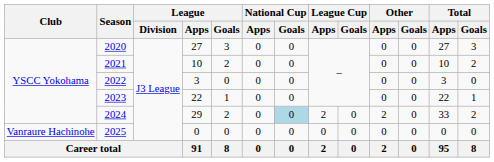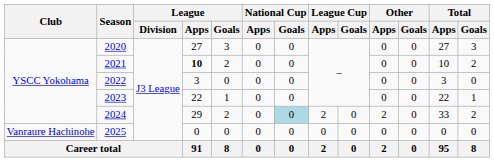 <table class="wikitable" style="text-align: center">
 <tr>
 <th rowspan="2">Club</th>
 <th rowspan="2">Season</th>
 <th colspan="3">League</th>
 <th colspan="2">National Cup</th>
 <th colspan="2">League Cup</th>
 <th colspan="2">Other</th>
 <th colspan="2">Total</th>
 </tr>
 <tr>
 <th>Division</th>
 <th>Apps</th>
 <th>Goals</th>
 <th>Apps</th>
 <th>Goals</th>
 <th>Apps</th>
 <th>Goals</th>
 <th>Apps</th>
 <th>Goals</th>
 <th>Apps</th>
 <th>Goals</th>
 </tr>
 <tr>
 <td rowspan="5"><a href='#'>YSCC Yokohama</a></td>
 <td><a href='#'>2020</a></td>
 <td rowspan="6"><a href='#'>J3 League</a></td>
 <td>27</td>
 <td>3</td>
 <td>0</td>
 <td>0</td>
 <td rowspan="4" colspan="2">–</td>
 <td>0</td>
 <td>0</td>
 <td>27</td>
 <td>3</td>
 </tr>
 <tr>
 <td><a href='#'>2021</a></td>
-<td>10</td>
+<td><strong>10</strong></td>
 <td>2</td>
 <td>0</td>
 <td>0</td>
 <td>0</td>
 <td>0</td>
 <td>10</td>
 <td>2</td>
 </tr>
 <tr>
 <td><a href='#'>2022</a></td>
 <td>3</td>
 <td>0</td>
 <td>0</td>
 <td>0</td>
 <td>0</td>
 <td>0</td>
 <td>3</td>
 <td>0</td>
 </tr>
 <tr>
 <td><a href='#'>2023</a></td>
 <td>22</td>
 <td>1</td>
 <td>0</td>
 <td>0</td>
 <td>0</td>
 <td>0</td>
 <td>22</td>
 <td>1</td>
 </tr>
 <tr>
 <td><a href='#'>2024</a></td>
 <td>29</td>
 <td>2</td>
 <td>0</td>
 <td style="background: lightblue;">0</td>
 <td>2</td>
 <td>0</td>
 <td>2</td>
 <td>0</td>
 <td>33</td>
 <td>2</td>
 </tr>
 <tr>
 <td><a href='#'>Vanraure Hachinohe</a></td>
 <td><a href='#'>2025</a></td>
 <td>0</td>
 <td>0</td>
 <td>0</td>
 <td>0</td>
 <td>0</td>
 <td>0</td>
 <td>0</td>
 <td>0</td>
 <td>0</td>
 <td>0</td>
 </tr>
 <tr>
 <th colspan=3>Career total</th>
 <th>91</th>
 <th>8</th>
 <th>0</th>
 <th>0</th>
 <th>2</th>
 <th>0</th>
 <th>2</th>
 <th>0</th>
 <th>95</th>
 <th>8</th>
 </tr>
 </table>
